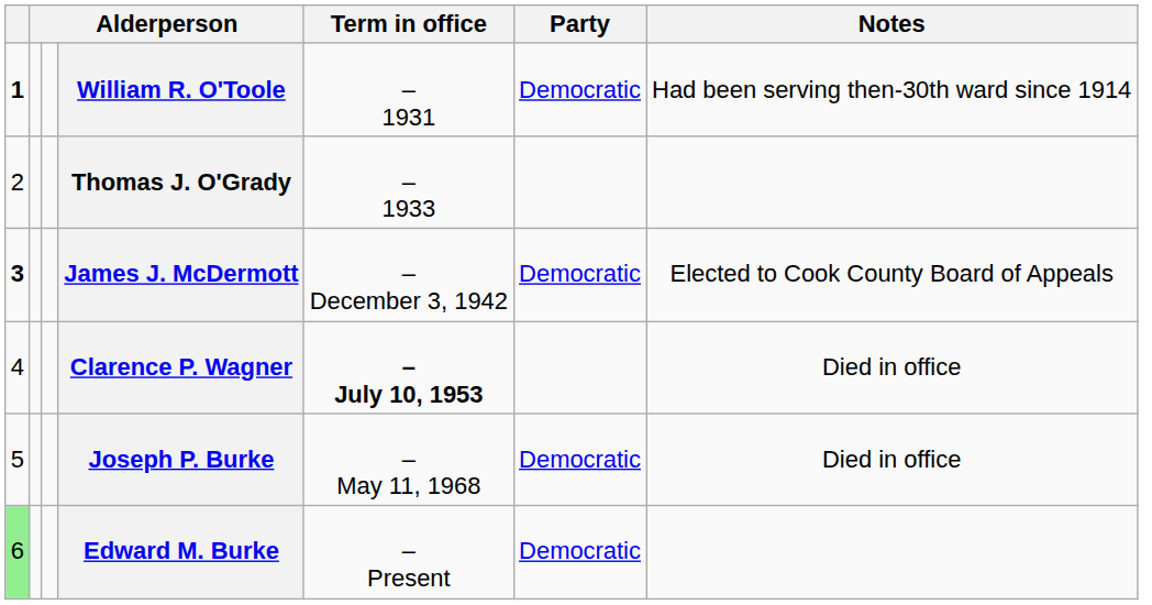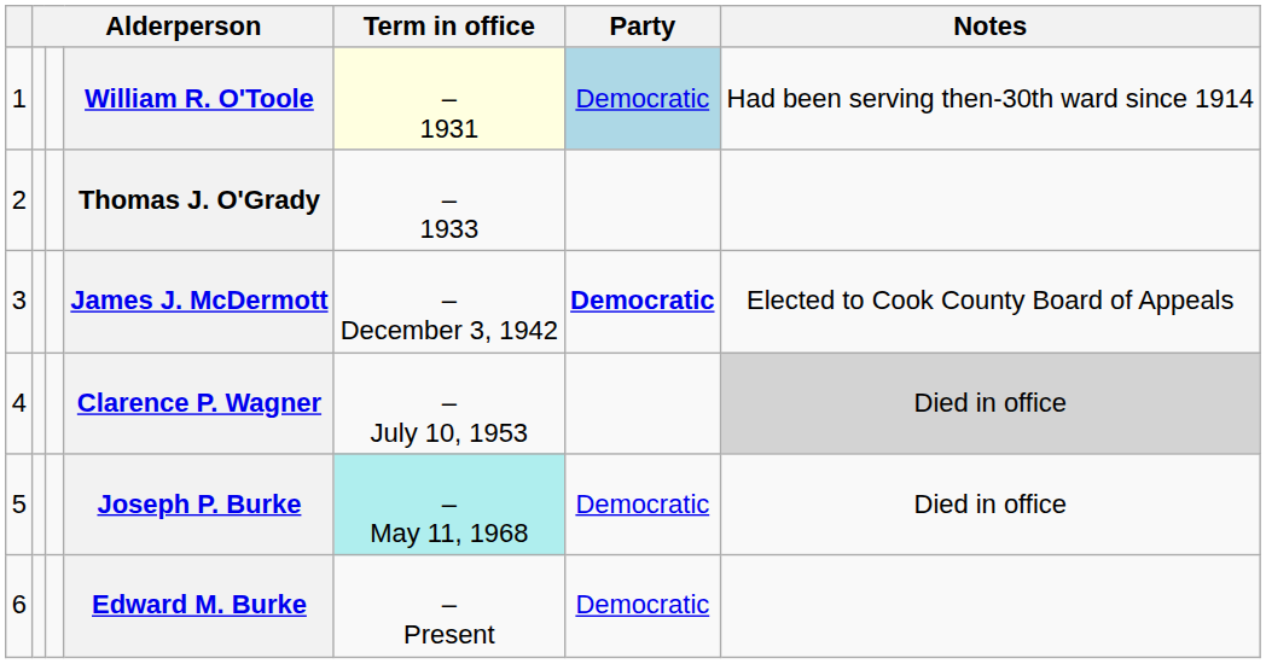 <table class="wikitable sortable" style="text-align:center;">
 <tr>
 <th scope="col"></th>
 <th scope="col" colspan="3">Alderperson</th>
 <th scope="col">Term in office</th>
 <th scope="col">Party</th>
 <th scope="col">Notes</th>
 </tr>
 <tr style="height:2em;">
-<td><strong>1</strong></td>
+<td>1</td>
 <td></td>
 <td> </td>
 <th scope="row"><a href='#'>William R. O'Toole</a></th>
-<td><br>–<br>1931</td>
-<td><a href='#'>Democratic</a></td>
+<td style="background: lightyellow;"><br>–<br>1931</td>
+<td style="background: lightblue;"><a href='#'>Democratic</a></td>
 <td>Had been serving then-30th ward since 1914</td>
 </tr>
 <tr style="height:2em;">
 <td>2</td>
 <td></td>
 <td></td>
 <th scope="row">Thomas J. O'Grady</th>
 <td><br>–<br>1933</td>
 <td></td>
 <td></td>
 </tr>
 <tr style="height:2em;">
-<td><strong>3</strong></td>
+<td>3</td>
 <td></td>
 <td> </td>
 <th scope="row"><a href='#'>James J. McDermott</a></th>
 <td><br>–<br>December 3, 1942</td>
-<td><a href='#'>Democratic</a></td>
+<td><strong><a href='#'>Democratic</a></strong></td>
 <td>Elected to Cook County Board of Appeals</td>
 </tr>
 <tr style="height:2em;">
 <td>4</td>
 <td></td>
 <td></td>
 <th scope="row"><a href='#'>Clarence P. Wagner</a></th>
-<td><strong><br>–<br>July 10, 1953</strong></td>
+<td><br>–<br>July 10, 1953</td>
 <td></td>
-<td>Died in office</td>
+<td style="background: lightgrey;">Died in office</td>
 </tr>
 <tr style="height:2em;">
 <td>5</td>
 <td></td>
 <td> </td>
 <th scope="row"><a href='#'>Joseph P. Burke</a></th>
-<td><br>–<br> May 11, 1968</td>
+<td style="background: paleturquoise;"><br>–<br> May 11, 1968</td>
 <td><a href='#'>Democratic</a></td>
 <td>Died in office</td>
 </tr>
 <tr style="height:2em;">
-<td style="background: lightgreen;">6</td>
+<td>6</td>
 <td></td>
 <td> </td>
 <th scope="row"><a href='#'>Edward M. Burke</a></th>
 <td><br>–<br>Present</td>
 <td><a href='#'>Democratic</a></td>
 <td></td>
 </tr>
 </table>
